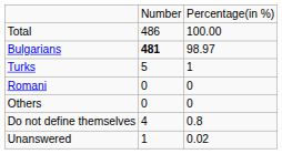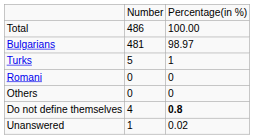 <table class="wikitable">
 <tr>
 <td></td>
 <td>Number</td>
 <td>Percentage(in %)</td>
 </tr>
 <tr>
 <td>Total</td>
 <td>486</td>
 <td>100.00</td>
 </tr>
 <tr>
 <td><a href='#'>Bulgarians</a></td>
-<td><strong>481</strong></td>
+<td>481</td>
 <td>98.97</td>
 </tr>
 <tr>
 <td><a href='#'>Turks</a></td>
 <td>5</td>
 <td>1</td>
 </tr>
 <tr>
 <td><a href='#'>Romani</a></td>
 <td>0</td>
 <td>0</td>
 </tr>
 <tr>
 <td>Others</td>
 <td>0</td>
 <td>0</td>
 </tr>
 <tr>
 <td>Do not define themselves</td>
 <td>4</td>
-<td>0.8</td>
+<td><strong>0.8</strong></td>
 </tr>
 <tr>
 <td>Unanswered</td>
 <td>1</td>
 <td>0.02</td>
 </tr>
 </table>
